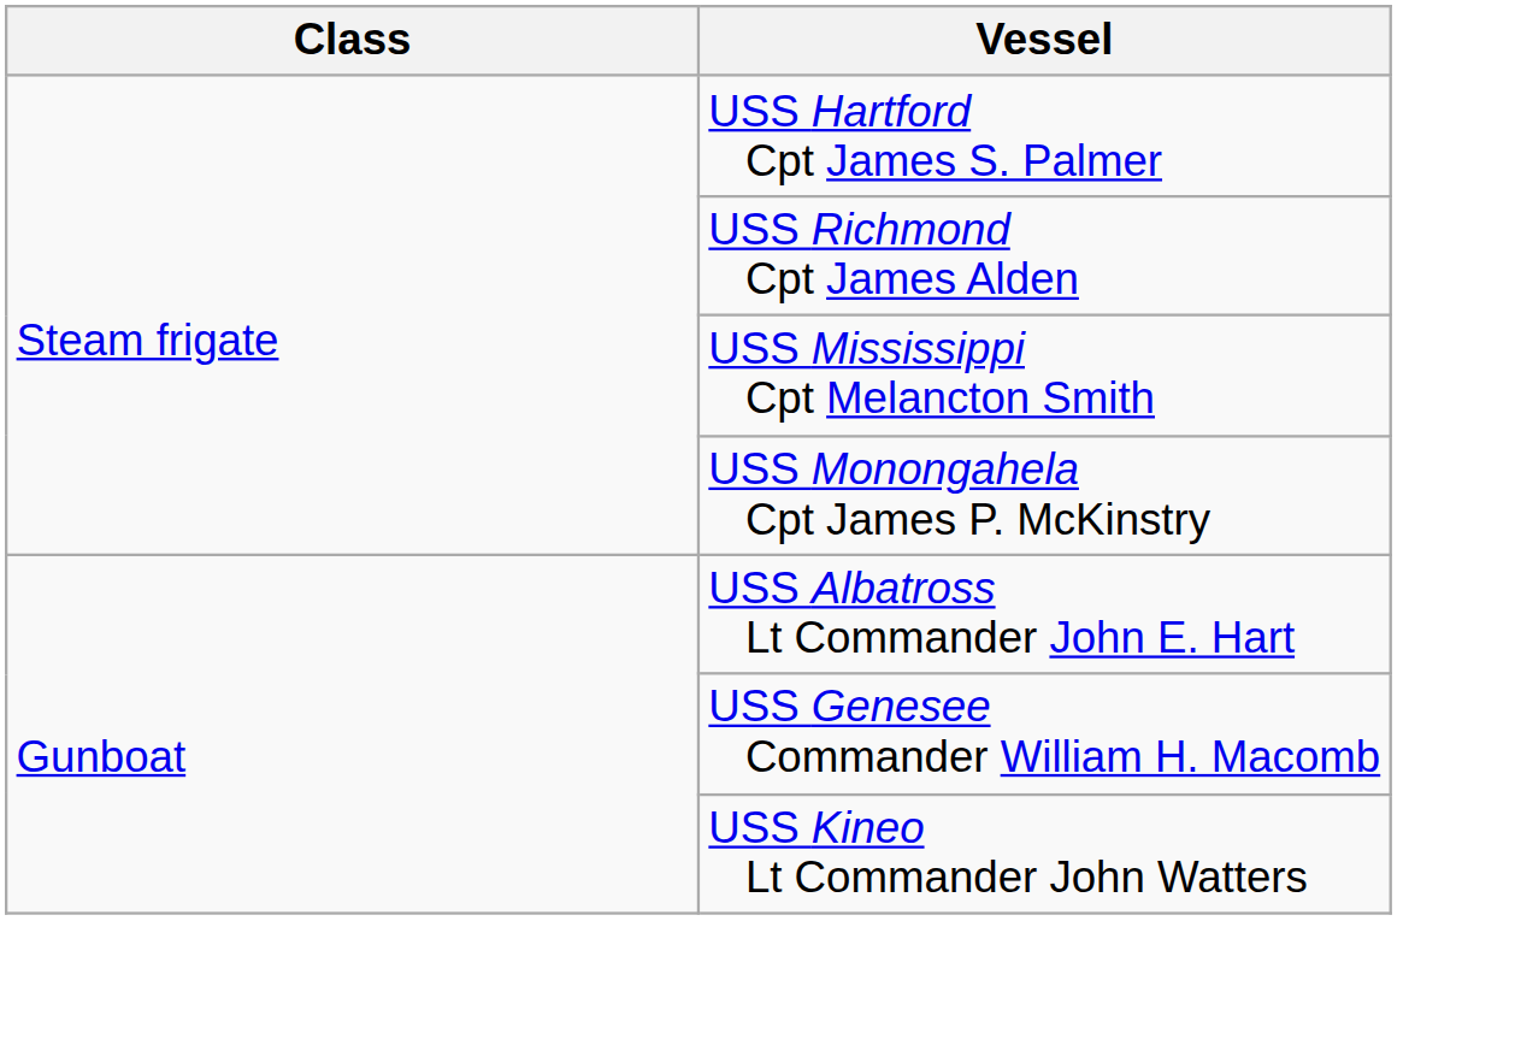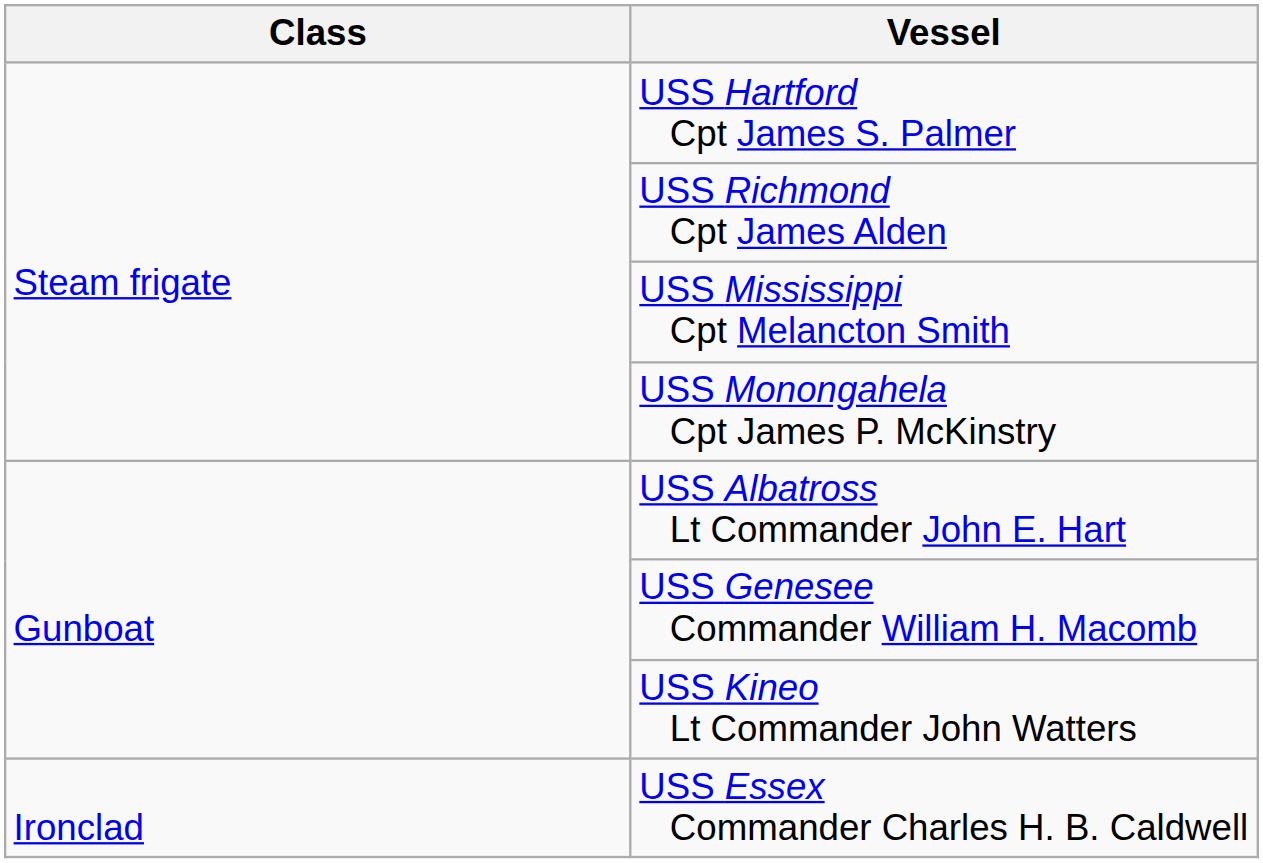 <table class="wikitable">
 <tr>
 <th width=50%>Class</th>
 <th width=50%>Vessel</th>
 </tr>
 <tr>
 <td rowspan=4><br><a href='#'>Steam frigate</a></td>
 <td><a href='#'>USS <em>Hartford</em></a><br>   Cpt <a href='#'>James S. Palmer</a></td>
 </tr>
 <tr>
 <td><a href='#'>USS <em>Richmond</em></a><br>   Cpt <a href='#'>James Alden</a></td>
 </tr>
 <tr>
 <td><a href='#'>USS <em>Mississippi</em></a><br>   Cpt <a href='#'>Melancton Smith</a></td>
 </tr>
 <tr>
 <td><a href='#'>USS <em>Monongahela</em></a><br>   Cpt James P. McKinstry</td>
 </tr>
 <tr>
 <td rowspan=3><br><a href='#'>Gunboat</a></td>
 <td><a href='#'>USS <em>Albatross</em></a><br>   Lt Commander <a href='#'>John E. Hart</a></td>
 </tr>
 <tr>
 <td><a href='#'>USS <em>Genesee</em></a><br>   Commander <a href='#'>William H. Macomb</a></td>
 </tr>
 <tr>
 <td><a href='#'>USS <em>Kineo</em></a><br>   Lt Commander John Watters</td>
 </tr>
+<tr>
+<td rowspan=1><br><a href='#'>Ironclad</a></td>
+<td><a href='#'>USS <em>Essex</em></a><br>   Commander Charles H. B. Caldwell</td>
+</tr>
 </table>
